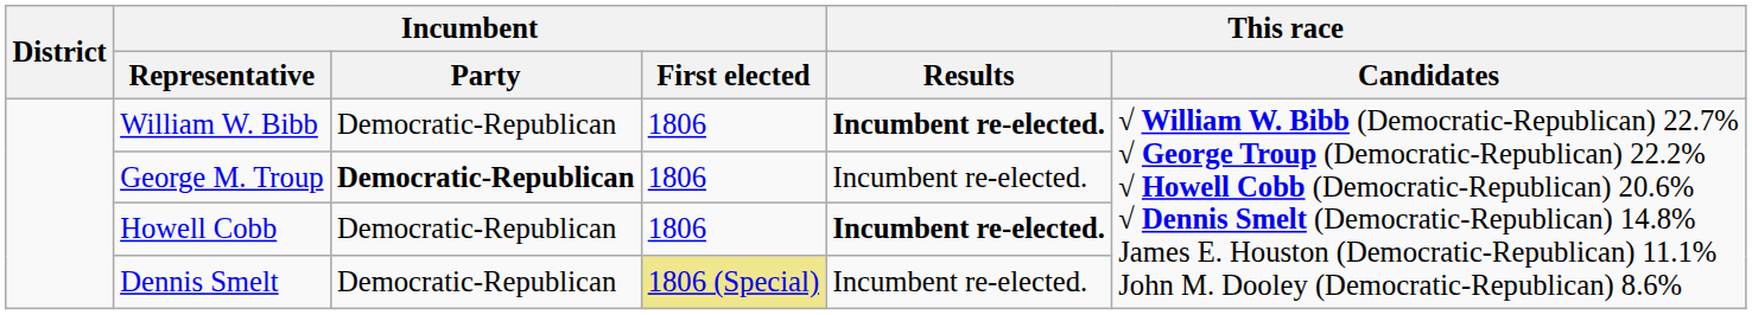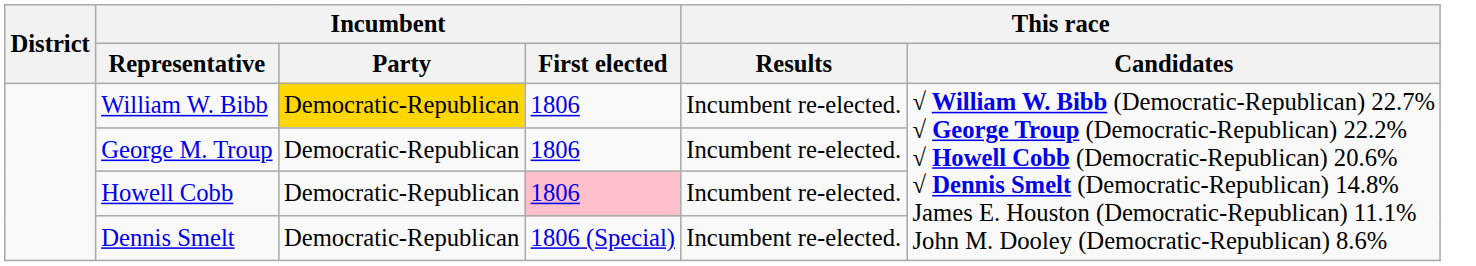 <table class=wikitable>
 <tr>
 <th rowspan=2>District</th>
 <th colspan=3>Incumbent</th>
 <th colspan=2>This race</th>
 </tr>
 <tr>
 <th>Representative</th>
 <th>Party</th>
 <th>First elected</th>
 <th>Results</th>
 <th>Candidates</th>
 </tr>
 <tr>
 <td rowspan=4><br></td>
 <td><a href='#'>William W. Bibb</a></td>
-<td>Democratic-Republican</td>
+<td style="background: gold;">Democratic-Republican</td>
 <td><a href='#'>1806</a></td>
-<td><strong>Incumbent re-elected.</strong></td>
+<td>Incumbent re-elected.</td>
 <td rowspan=4 nowrap><strong>√ <a href='#'>William W. Bibb</a></strong> (Democratic-Republican) 22.7%<br><strong>√ <a href='#'>George Troup</a></strong> (Democratic-Republican) 22.2%<br><strong>√ <a href='#'>Howell Cobb</a></strong> (Democratic-Republican) 20.6%<br><strong>√ <a href='#'>Dennis Smelt</a></strong> (Democratic-Republican) 14.8%<br>James E. Houston (Democratic-Republican) 11.1%<br>John M. Dooley (Democratic-Republican) 8.6%</td>
 </tr>
 <tr>
 <td><a href='#'>George M. Troup</a></td>
-<td><strong>Democratic-Republican</strong></td>
+<td>Democratic-Republican</td>
 <td><a href='#'>1806</a></td>
 <td>Incumbent re-elected.</td>
 </tr>
 <tr>
 <td><a href='#'>Howell Cobb</a></td>
 <td>Democratic-Republican</td>
-<td><a href='#'>1806</a></td>
-<td><strong>Incumbent re-elected.</strong></td>
+<td style="background: pink;"><a href='#'>1806</a></td>
+<td>Incumbent re-elected.</td>
 </tr>
 <tr>
 <td><a href='#'>Dennis Smelt</a></td>
 <td>Democratic-Republican</td>
-<td style="background: khaki;"><a href='#'>1806 (Special)</a></td>
+<td><a href='#'>1806 (Special)</a></td>
 <td>Incumbent re-elected.</td>
 </tr>
 </table>
